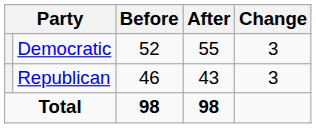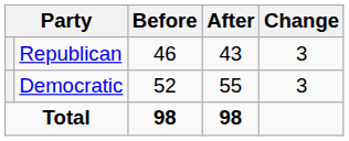 <table class="wikitable" style="text-align:center;">
 <tr>
 <th colspan="2">Party</th>
 <th>Before</th>
 <th>After</th>
 <th>Change</th>
 </tr>
 <tr>
 <th style="background-color:"></th>
-<td style="text-align:left;"><a href='#'>Democratic</a></td>
-<td>52</td>
-<td>55</td>
+<td style="text-align:left;"><a href='#'>Republican</a></td>
+<td>46</td>
+<td>43</td>
 <td> 3</td>
 </tr>
 <tr>
 <th style="background-color:"></th>
-<td style="text-align:left;"><a href='#'>Republican</a></td>
-<td>46</td>
-<td>43</td>
+<td style="text-align:left;"><a href='#'>Democratic</a></td>
+<td>52</td>
+<td>55</td>
 <td> 3</td>
 </tr>
 <tr>
 <td colspan="2"><strong>Total</strong></td>
 <td><strong>98</strong></td>
 <td><strong>98</strong></td>
 <td></td>
 </tr>
 </table>
